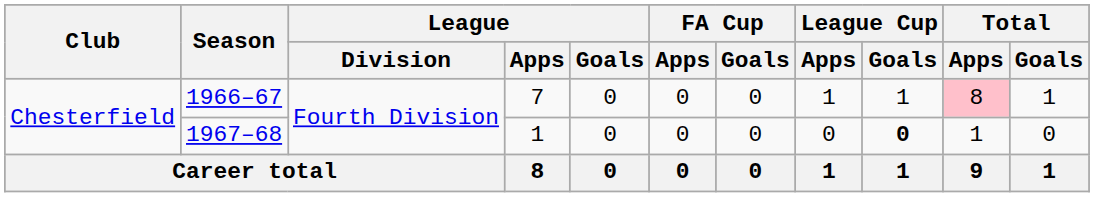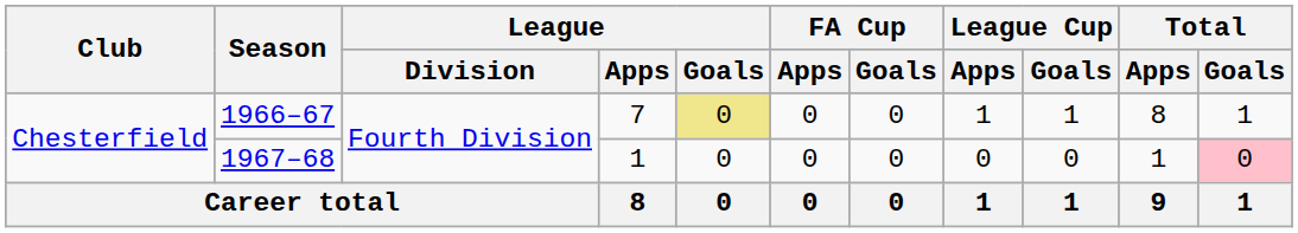 <table class="wikitable" style="text-align: center;">
 <tr>
 <th rowspan="2">Club</th>
 <th rowspan="2">Season</th>
 <th colspan="3">League</th>
 <th colspan="2">FA Cup</th>
 <th colspan="2">League Cup</th>
 <th colspan="2">Total</th>
 </tr>
 <tr>
 <th>Division</th>
 <th>Apps</th>
 <th>Goals</th>
 <th>Apps</th>
 <th>Goals</th>
 <th>Apps</th>
 <th>Goals</th>
 <th>Apps</th>
 <th>Goals</th>
 </tr>
 <tr>
 <td rowspan="2"><a href='#'>Chesterfield</a></td>
 <td><a href='#'>1966–67</a></td>
 <td rowspan="2"><a href='#'>Fourth Division</a></td>
 <td>7</td>
-<td>0</td>
+<td style="background: khaki;">0</td>
 <td>0</td>
 <td>0</td>
 <td>1</td>
 <td>1</td>
-<td style="background: pink;">8</td>
+<td>8</td>
 <td>1</td>
 </tr>
 <tr>
 <td><a href='#'>1967–68</a></td>
 <td>1</td>
 <td>0</td>
 <td>0</td>
 <td>0</td>
 <td>0</td>
-<td><strong>0</strong></td>
+<td>0</td>
 <td>1</td>
-<td>0</td>
+<td style="background: pink;">0</td>
 </tr>
 <tr>
 <th colspan="3">Career total</th>
 <th>8</th>
 <th>0</th>
 <th>0</th>
 <th>0</th>
 <th>1</th>
 <th>1</th>
 <th>9</th>
 <th>1</th>
 </tr>
 </table>
